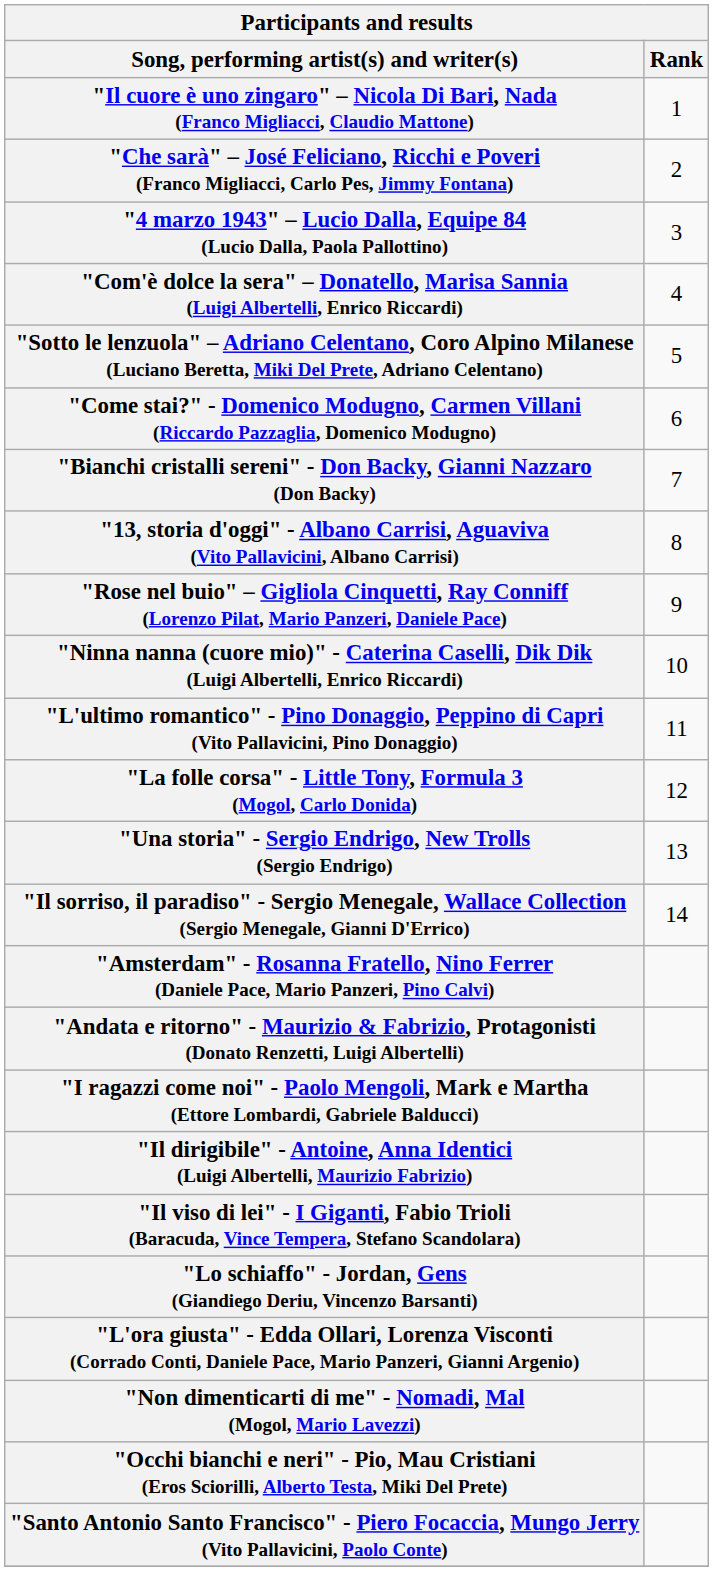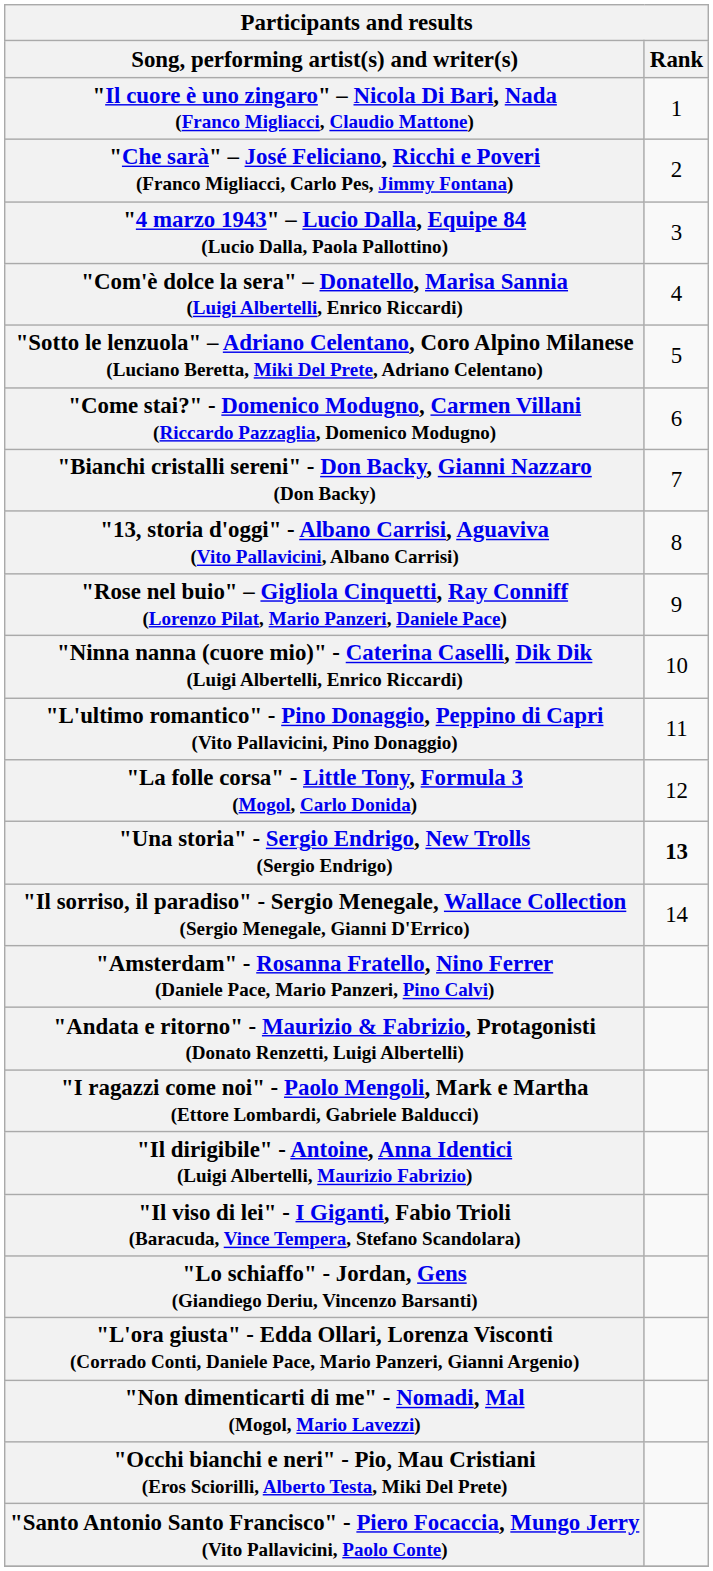 <table class="plainrowheaders wikitable">
 <tr>
 <th colspan="3">Participants and results</th>
 </tr>
 <tr>
 <th>Song, performing artist(s) and writer(s)</th>
 <th>Rank</th>
 </tr>
 <tr>
 <th scope="row">"<a href='#'>Il cuore è uno zingaro</a>" –  <a href='#'>Nicola Di Bari</a>, <a href='#'>Nada</a>  <br><small>  (<a href='#'>Franco Migliacci</a>, <a href='#'>Claudio Mattone</a>)</small></th>
 <td style="text-align:center;">1</td>
 </tr>
 <tr>
 <th scope="row">"<a href='#'>Che sarà</a>" – <a href='#'>José Feliciano</a>, <a href='#'>Ricchi e Poveri</a> <br><small>(Franco Migliacci, Carlo Pes, <a href='#'>Jimmy Fontana</a>)</small></th>
 <td style="text-align:center;">2</td>
 </tr>
 <tr>
 <th scope="row">"<a href='#'>4 marzo 1943</a>" – <a href='#'>Lucio Dalla</a>, <a href='#'>Equipe 84</a>  <br><small> 	(Lucio Dalla, Paola Pallottino) </small></th>
 <td style="text-align:center;">3</td>
 </tr>
 <tr>
 <th scope="row">"Com'è dolce la sera" –  	<a href='#'>Donatello</a>, <a href='#'>Marisa Sannia</a> <br><small>(<a href='#'>Luigi Albertelli</a>, Enrico Riccardi)</small></th>
 <td style="text-align:center;">4</td>
 </tr>
 <tr>
 <th scope="row">"Sotto le lenzuola"  –  	<a href='#'>Adriano Celentano</a>, Coro Alpino Milanese  <br><small>(Luciano Beretta, <a href='#'>Miki Del Prete</a>, Adriano Celentano)</small></th>
 <td style="text-align:center;">5</td>
 </tr>
 <tr>
 <th scope="row">"Come stai?" -  	<a href='#'>Domenico Modugno</a>, <a href='#'>Carmen Villani</a> <br><small>(<a href='#'>Riccardo Pazzaglia</a>, Domenico Modugno) </small></th>
 <td style="text-align:center;">6</td>
 </tr>
 <tr>
 <th scope="row">"Bianchi cristalli sereni" -    <a href='#'>Don Backy</a>, <a href='#'>Gianni Nazzaro</a>  <br><small> (Don Backy) </small></th>
 <td style="text-align:center;">7</td>
 </tr>
 <tr>
 <th scope="row">"13, storia d'oggi" - <a href='#'>Albano Carrisi</a>, <a href='#'>Aguaviva</a>   <br><small>  (<a href='#'>Vito Pallavicini</a>, Albano Carrisi)  </small></th>
 <td style="text-align:center;">8</td>
 </tr>
 <tr>
 <th scope="row">"Rose nel buio" – <a href='#'>Gigliola Cinquetti</a>, <a href='#'>Ray Conniff</a>   <br><small> 	 (<a href='#'>Lorenzo Pilat</a>, <a href='#'>Mario Panzeri</a>, <a href='#'>Daniele Pace</a>) </small></th>
 <td style="text-align:center;">9</td>
 </tr>
 <tr>
 <th scope="row">"Ninna nanna (cuore mio)" - <a href='#'>Caterina Caselli</a>, <a href='#'>Dik Dik</a>  <br><small> 	(Luigi Albertelli, Enrico Riccardi)</small></th>
 <td style="text-align:center;">10</td>
 </tr>
 <tr>
 <th scope="row">"L'ultimo romantico" - <a href='#'>Pino Donaggio</a>, <a href='#'>Peppino di Capri</a> <br><small>  	(Vito Pallavicini, Pino Donaggio)</small></th>
 <td style="text-align:center;">11</td>
 </tr>
 <tr>
 <th scope="row">"La folle corsa" - <a href='#'>Little Tony</a>, <a href='#'>Formula 3</a> <br><small> 	(<a href='#'>Mogol</a>, <a href='#'>Carlo Donida</a>)</small></th>
 <td style="text-align:center;">12</td>
 </tr>
 <tr>
 <th scope="row">"Una storia" - <a href='#'>Sergio Endrigo</a>, <a href='#'>New Trolls</a> <br><small> 	 (Sergio Endrigo)</small></th>
-<td style="text-align:center;">13</td>
+<td style="text-align:center;"><strong>13</strong></td>
 </tr>
 <tr>
 <th scope="row">"Il sorriso, il paradiso" - Sergio Menegale, <a href='#'>Wallace Collection</a> <br><small> 	 (Sergio Menegale, Gianni D'Errico)</small></th>
 <td style="text-align:center;">14</td>
 </tr>
 <tr>
 <th scope="row">"Amsterdam" - <a href='#'>Rosanna Fratello</a>, <a href='#'>Nino Ferrer</a> <br><small> 	(Daniele Pace, Mario Panzeri, <a href='#'>Pino Calvi</a>)</small></th>
 <td></td>
 </tr>
 <tr>
 <th scope="row">"Andata e ritorno" - <a href='#'>Maurizio & Fabrizio</a>, Protagonisti <br><small> 	(Donato Renzetti, Luigi Albertelli)</small></th>
 <td></td>
 </tr>
 <tr>
 <th scope="row">"I ragazzi come noi" - <a href='#'>Paolo Mengoli</a>, Mark e Martha <br><small> 	 (Ettore Lombardi, Gabriele Balducci)</small></th>
 <td></td>
 </tr>
 <tr>
 <th scope="row">"Il dirigibile" - <a href='#'>Antoine</a>, <a href='#'>Anna Identici</a> <br><small> 	 (Luigi Albertelli, <a href='#'>Maurizio Fabrizio</a>)</small></th>
 <td></td>
 </tr>
 <tr>
 <th scope="row">"Il viso di lei" -  <a href='#'>I Giganti</a>, Fabio Trioli  <br><small> 	(Baracuda, <a href='#'>Vince Tempera</a>, Stefano Scandolara)</small></th>
 <td></td>
 </tr>
 <tr>
 <th scope="row">"Lo schiaffo" - Jordan, <a href='#'>Gens</a> <br><small> 	(Giandiego Deriu, Vincenzo Barsanti)</small></th>
 <td></td>
 </tr>
 <tr>
 <th scope="row">"L'ora giusta" - Edda Ollari, Lorenza Visconti <br><small> 	(Corrado Conti, Daniele Pace, Mario Panzeri, Gianni Argenio)</small></th>
 <td></td>
 </tr>
 <tr>
 <th scope="row">"Non dimenticarti di me" - <a href='#'>Nomadi</a>, <a href='#'>Mal</a> <br><small> 	 (Mogol, <a href='#'>Mario Lavezzi</a>)</small></th>
 <td></td>
 </tr>
 <tr>
 <th scope="row">"Occhi bianchi e neri" - Pio, Mau Cristiani <br><small> 	(Eros Sciorilli, <a href='#'>Alberto Testa</a>, Miki Del Prete)</small></th>
 <td></td>
 </tr>
 <tr>
 <th scope="row">"Santo Antonio Santo Francisco" - <a href='#'>Piero Focaccia</a>, <a href='#'>Mungo Jerry</a> <br><small> 	(Vito Pallavicini, <a href='#'>Paolo Conte</a>)</small></th>
 <td></td>
 </tr>
 <tr>
 </tr>
 </table>
